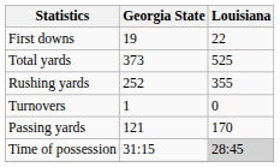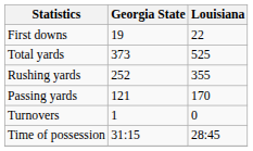 <table class="wikitable">
 <tr>
 <th>Statistics</th>
 <th>Georgia State</th>
 <th>Louisiana</th>
 </tr>
 <tr>
 <td>First downs</td>
 <td>19</td>
 <td>22</td>
 </tr>
 <tr>
 <td>Total yards</td>
 <td>373</td>
 <td>525</td>
 </tr>
 <tr>
 <td>Rushing yards</td>
 <td>252</td>
 <td>355</td>
 </tr>
 <tr>
+<td>Passing yards</td>
+<td>121</td>
+<td>170</td>
+</tr>
+<tr>
 <td>Turnovers</td>
 <td>1</td>
 <td>0</td>
 </tr>
 <tr>
-<td>Passing yards</td>
-<td>121</td>
-<td>170</td>
-</tr>
-<tr>
 <td>Time of possession</td>
 <td>31:15</td>
-<td style="background: lightgrey;">28:45</td>
+<td>28:45</td>
 </tr>
 <tr>
 </tr>
 </table>
